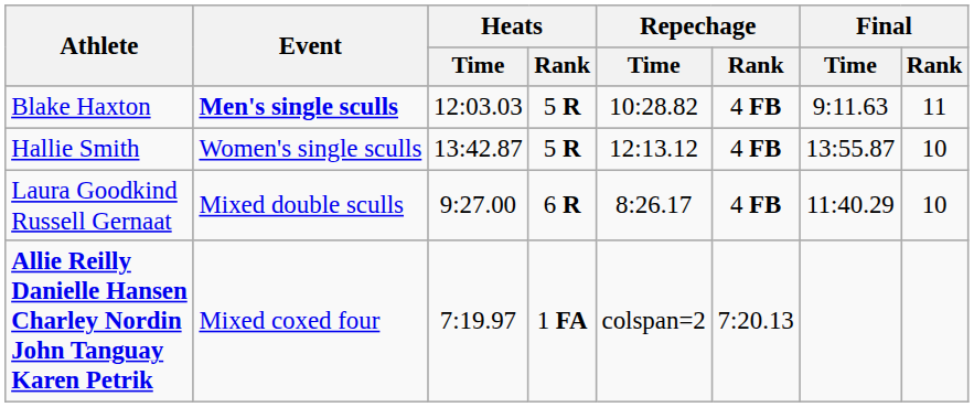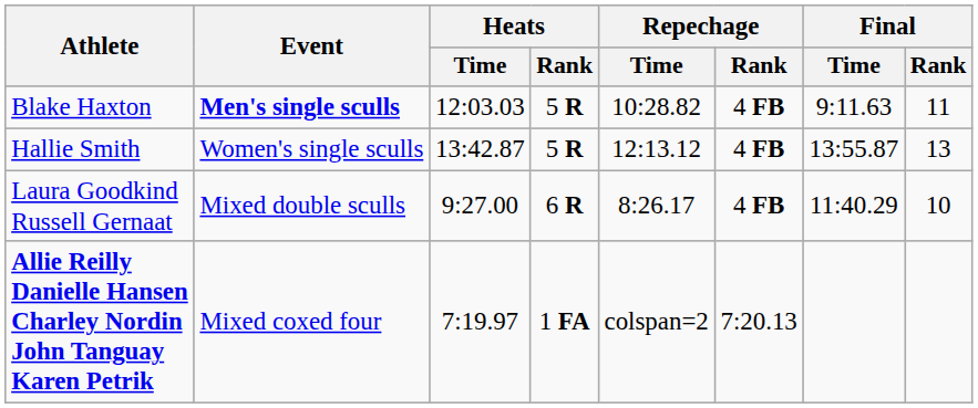 <table class="wikitable" style="font-size:90%">
 <tr>
 <th rowspan=2>Athlete</th>
 <th rowspan=2>Event</th>
 <th colspan=2>Heats</th>
 <th colspan=2>Repechage</th>
 <th colspan=2>Final</th>
 </tr>
 <tr style="font-size:95%">
 <th>Time</th>
 <th>Rank</th>
 <th>Time</th>
 <th>Rank</th>
 <th>Time</th>
 <th>Rank</th>
 </tr>
 <tr align=center>
 <td align=left><a href='#'>Blake Haxton</a></td>
 <td align=left><strong><a href='#'>Men's single sculls</a></strong></td>
 <td>12:03.03</td>
 <td>5 <strong>R</strong></td>
 <td>10:28.82</td>
 <td>4 <strong>FB</strong></td>
 <td>9:11.63</td>
 <td>11</td>
 </tr>
 <tr align=center>
 <td align=left><a href='#'>Hallie Smith</a></td>
 <td align=left><a href='#'>Women's single sculls</a></td>
 <td>13:42.87</td>
 <td>5 <strong>R</strong></td>
 <td>12:13.12</td>
 <td>4 <strong>FB</strong></td>
 <td>13:55.87</td>
-<td>10</td>
+<td>13</td>
 </tr>
 <tr align=center>
 <td align=left><a href='#'>Laura Goodkind</a><br><a href='#'>Russell Gernaat</a></td>
 <td align=left><a href='#'>Mixed double sculls</a></td>
 <td>9:27.00</td>
 <td>6 <strong>R</strong></td>
 <td>8:26.17</td>
 <td>4 <strong>FB</strong></td>
 <td>11:40.29</td>
 <td>10</td>
 </tr>
 <tr align=center>
 <td align=left><strong><a href='#'>Allie Reilly</a><br><a href='#'>Danielle Hansen</a><br><a href='#'>Charley Nordin</a><br><a href='#'>John Tanguay</a><br><a href='#'>Karen Petrik</a></strong></td>
 <td align=left><a href='#'>Mixed coxed four</a></td>
 <td>7:19.97</td>
 <td>1 <strong>FA</strong></td>
 <td>colspan=2 </td>
 <td>7:20.13</td>
 <td></td>
 </tr>
 </table>
